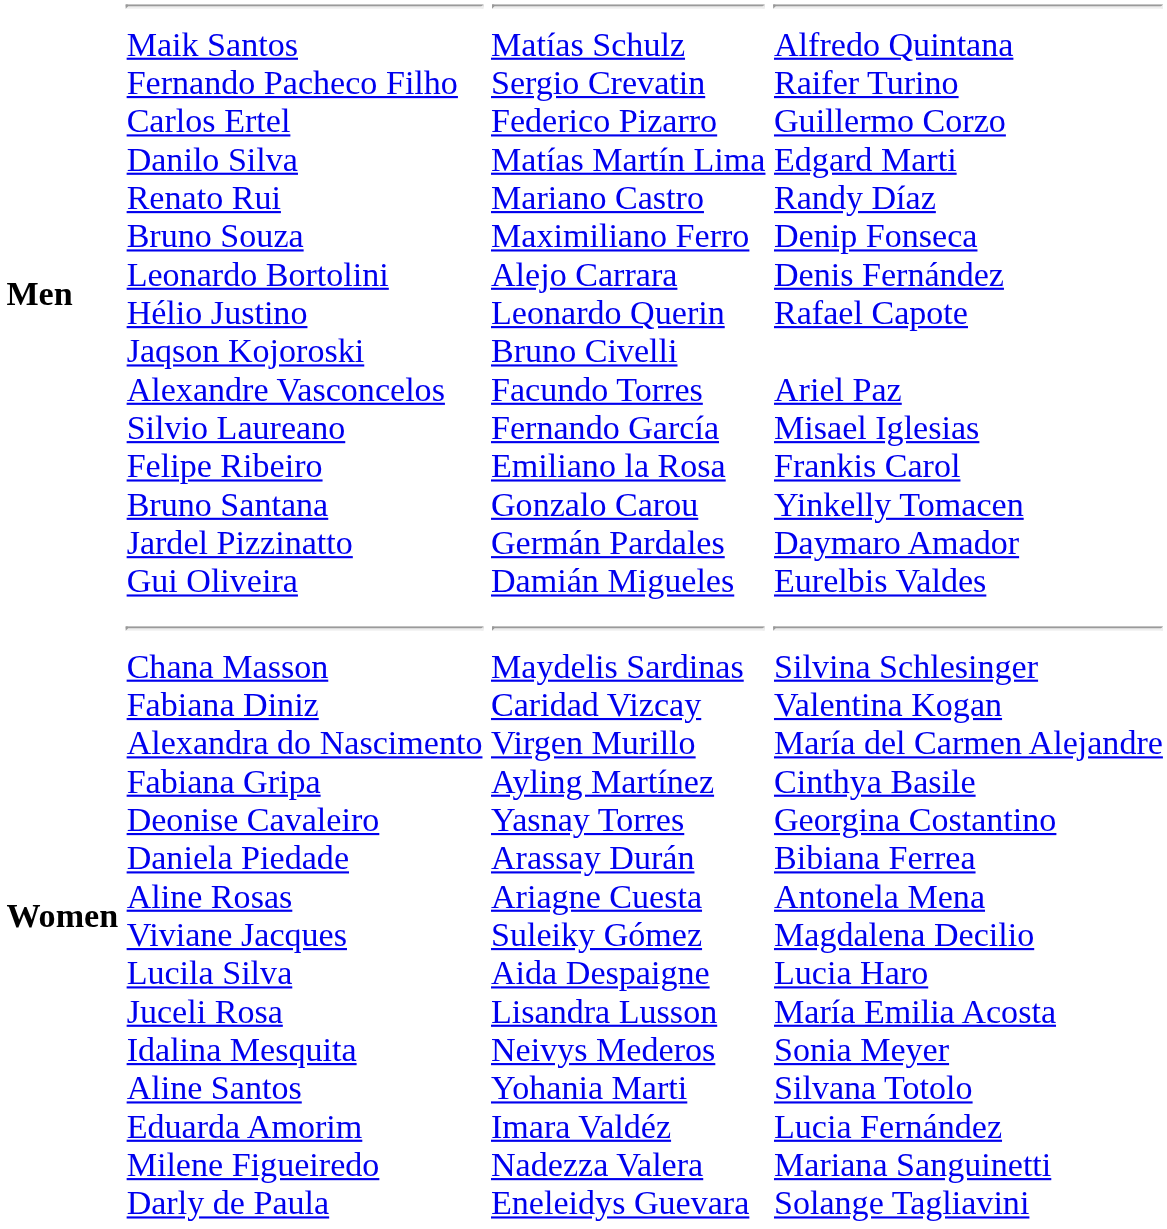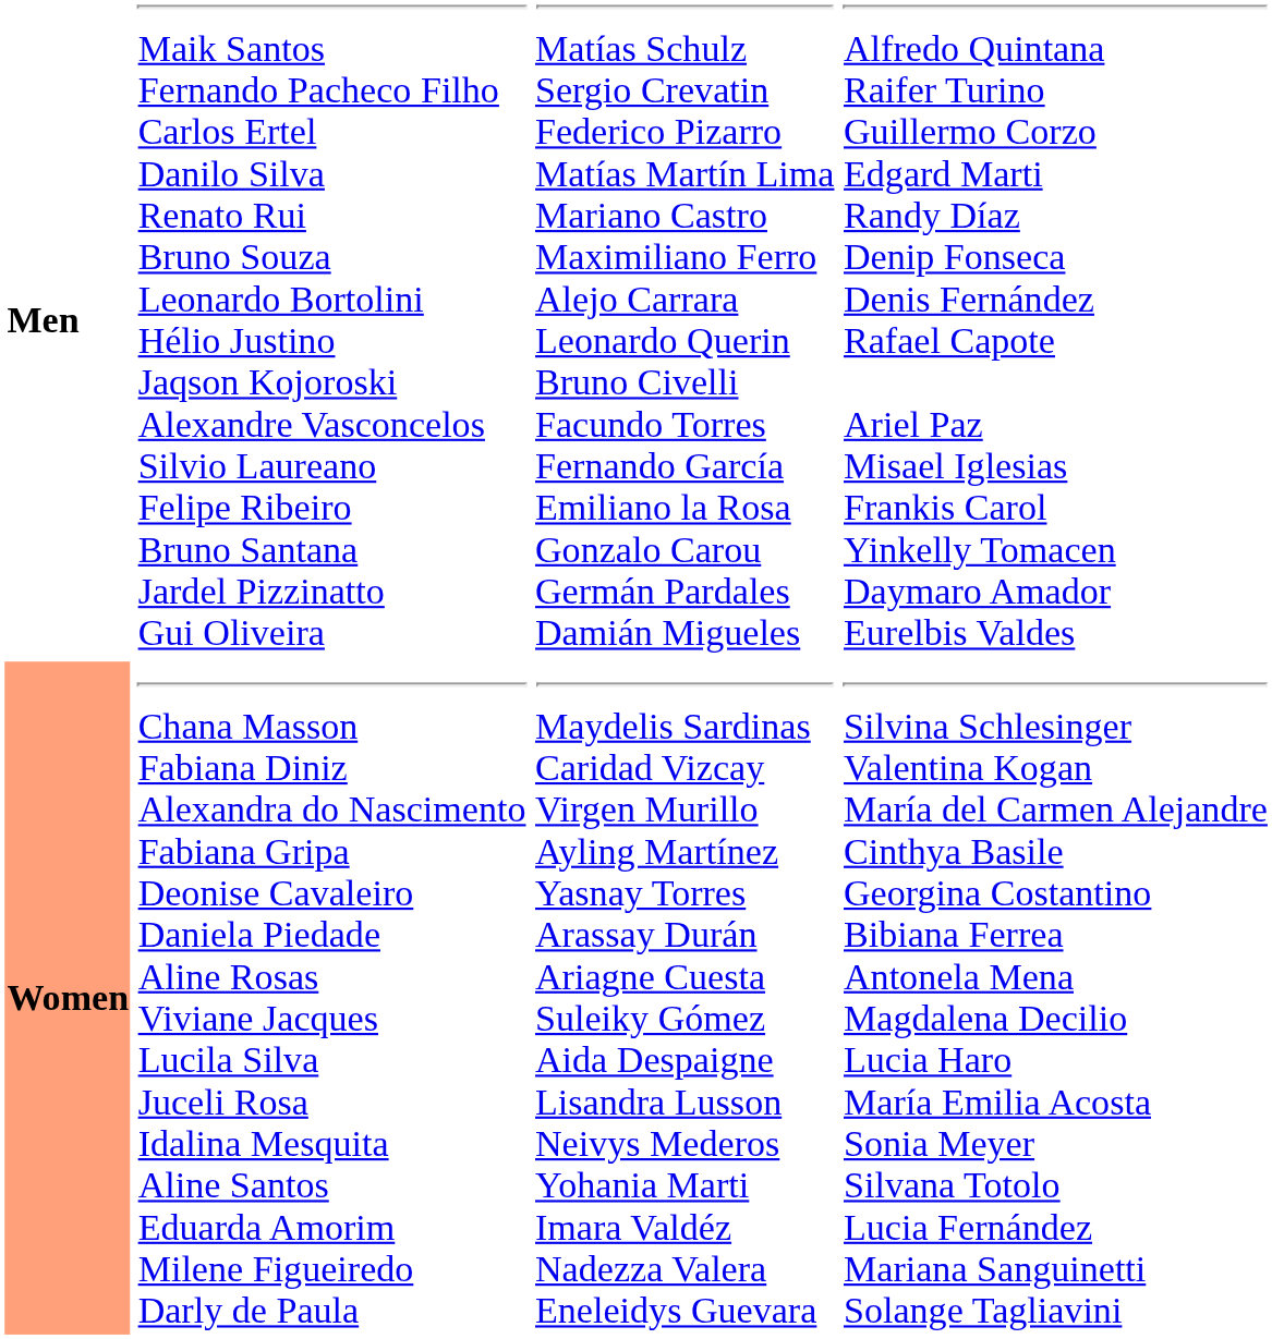 <table>
 <tr>
 <td><strong>Men</strong></td>
 <td><hr><a href='#'>Maik Santos</a><br><a href='#'>Fernando Pacheco Filho</a><br><a href='#'>Carlos Ertel</a><br><a href='#'>Danilo Silva</a><br><a href='#'>Renato Rui</a><br><a href='#'>Bruno Souza</a><br><a href='#'>Leonardo Bortolini</a><br><a href='#'>Hélio Justino</a><br><a href='#'>Jaqson Kojoroski</a><br><a href='#'>Alexandre Vasconcelos</a><br><a href='#'>Silvio Laureano</a><br><a href='#'>Felipe Ribeiro</a><br><a href='#'>Bruno Santana</a><br><a href='#'>Jardel Pizzinatto</a><br><a href='#'>Gui Oliveira</a></td>
 <td><hr><a href='#'>Matías Schulz</a><br><a href='#'>Sergio Crevatin</a><br><a href='#'>Federico Pizarro</a><br><a href='#'>Matías Martín Lima</a><br><a href='#'>Mariano Castro</a><br><a href='#'>Maximiliano Ferro</a><br><a href='#'>Alejo Carrara</a><br><a href='#'>Leonardo Querin</a><br><a href='#'>Bruno Civelli</a><br><a href='#'>Facundo Torres</a><br><a href='#'>Fernando García</a><br><a href='#'>Emiliano la Rosa</a><br><a href='#'>Gonzalo Carou</a><br><a href='#'>Germán Pardales</a><br><a href='#'>Damián Migueles</a></td>
 <td><hr><a href='#'>Alfredo Quintana</a><br><a href='#'>Raifer Turino</a><br><a href='#'>Guillermo Corzo</a><br><a href='#'>Edgard Marti</a><br><a href='#'>Randy Díaz</a><br><a href='#'>Denip Fonseca</a><br><a href='#'>Denis Fernández</a><br><a href='#'>Rafael Capote</a><br><br><a href='#'>Ariel Paz</a><br><a href='#'>Misael Iglesias</a><br><a href='#'>Frankis Carol</a><br><a href='#'>Yinkelly Tomacen</a><br><a href='#'>Daymaro Amador</a><br><a href='#'>Eurelbis Valdes</a></td>
 </tr>
 <tr>
-<td><strong>Women</strong></td>
+<td style="background: lightsalmon;"><strong>Women</strong></td>
 <td><hr><a href='#'>Chana Masson</a><br><a href='#'>Fabiana Diniz</a><br><a href='#'>Alexandra do Nascimento</a><br><a href='#'>Fabiana Gripa</a><br><a href='#'>Deonise Cavaleiro</a><br><a href='#'>Daniela Piedade</a><br><a href='#'>Aline Rosas</a><br><a href='#'>Viviane Jacques</a><br><a href='#'>Lucila Silva</a><br><a href='#'>Juceli Rosa</a><br><a href='#'>Idalina Mesquita</a><br><a href='#'>Aline Santos</a><br><a href='#'>Eduarda Amorim</a><br><a href='#'>Milene Figueiredo</a><br><a href='#'>Darly de Paula</a></td>
 <td><hr><a href='#'>Maydelis Sardinas</a><br><a href='#'>Caridad Vizcay</a><br><a href='#'>Virgen Murillo</a><br><a href='#'>Ayling Martínez</a><br><a href='#'>Yasnay Torres</a><br><a href='#'>Arassay Durán</a><br><a href='#'>Ariagne Cuesta</a><br><a href='#'>Suleiky Gómez</a><br><a href='#'>Aida Despaigne</a><br><a href='#'>Lisandra Lusson</a><br><a href='#'>Neivys Mederos</a><br><a href='#'>Yohania Marti</a><br><a href='#'>Imara Valdéz</a><br><a href='#'>Nadezza Valera</a><br><a href='#'>Eneleidys Guevara</a></td>
 <td><hr><a href='#'>Silvina Schlesinger</a><br><a href='#'>Valentina Kogan</a><br><a href='#'>María del Carmen Alejandre</a><br><a href='#'>Cinthya Basile</a><br><a href='#'>Georgina Costantino</a><br><a href='#'>Bibiana Ferrea</a><br><a href='#'>Antonela Mena</a><br><a href='#'>Magdalena Decilio</a><br><a href='#'>Lucia Haro</a><br><a href='#'>María Emilia Acosta</a><br><a href='#'>Sonia Meyer</a><br><a href='#'>Silvana Totolo</a><br><a href='#'>Lucia Fernández</a><br><a href='#'>Mariana Sanguinetti</a><br><a href='#'>Solange Tagliavini</a></td>
 </tr>
 </table>
